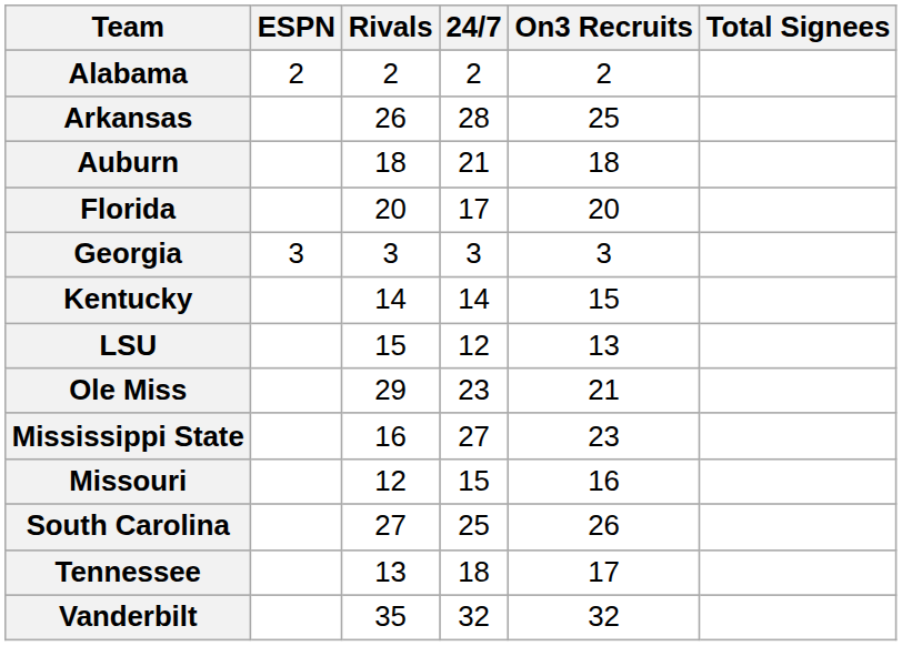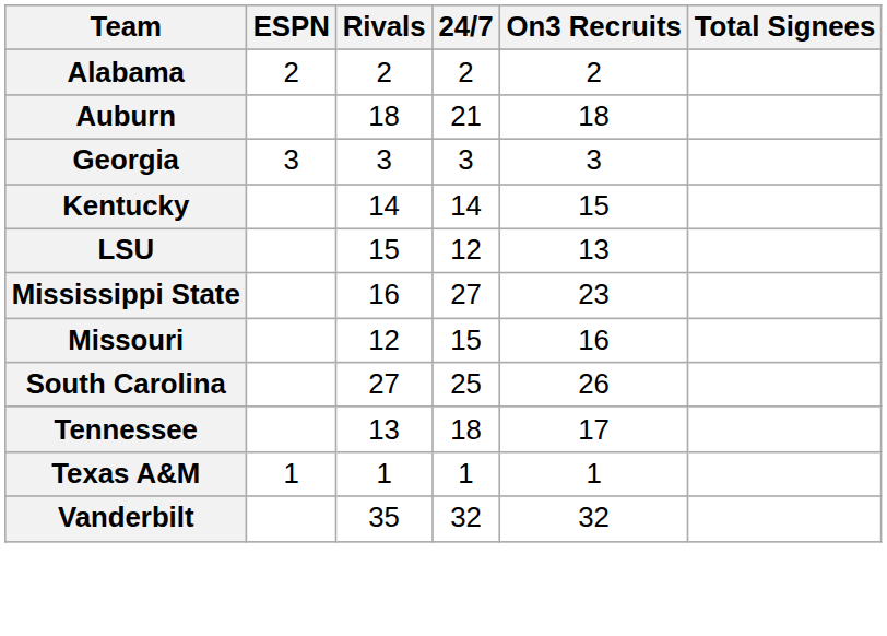 <table class="wikitable">
 <tr>
 <th>Team</th>
 <th>ESPN</th>
 <th>Rivals</th>
 <th>24/7</th>
 <th>On3 Recruits</th>
 <th>Total Signees</th>
 </tr>
 <tr>
 <th>Alabama</th>
 <td style="text-align:center; background:white">2</td>
 <td style="text-align:center; background:white">2</td>
 <td style="text-align:center; background:white">2</td>
 <td style="text-align:center; background:white">2</td>
 <td style="text-align:center; background:white"></td>
 </tr>
 <tr>
-<th>Arkansas</th>
-<td style="text-align:center; background:white"></td>
-<td style="text-align:center; background:white">26</td>
-<td style="text-align:center; background:white">28</td>
-<td style="text-align:center; background:white">25</td>
-<td style="text-align:center; background:white"></td>
-</tr>
-<tr>
 <th>Auburn</th>
 <td style="text-align:center; background:white"></td>
 <td style="text-align:center; background:white">18</td>
 <td style="text-align:center; background:white">21</td>
 <td style="text-align:center; background:white">18</td>
-<td style="text-align:center; background:white"></td>
-</tr>
-<tr>
-<th>Florida</th>
-<td style="text-align:center; background:white"></td>
-<td style="text-align:center; background:white">20</td>
-<td style="text-align:center; background:white">17</td>
-<td style="text-align:center; background:white">20</td>
 <td style="text-align:center; background:white"></td>
 </tr>
 <tr>
 <th>Georgia</th>
 <td style="text-align:center; background:white">3</td>
 <td style="text-align:center; background:white">3</td>
 <td style="text-align:center; background:white">3</td>
 <td style="text-align:center; background:white">3</td>
 <td style="text-align:center; background:white"></td>
 </tr>
 <tr>
 <th>Kentucky</th>
 <td style="text-align:center; background:white"></td>
 <td style="text-align:center; background:white">14</td>
 <td style="text-align:center; background:white">14</td>
 <td style="text-align:center; background:white">15</td>
 <td style="text-align:center; background:white"></td>
 </tr>
 <tr>
 <th>LSU</th>
 <td style="text-align:center; background:white"></td>
 <td style="text-align:center; background:white">15</td>
 <td style="text-align:center; background:white">12</td>
 <td style="text-align:center; background:white">13</td>
-<td style="text-align:center; background:white"></td>
-</tr>
-<tr>
-<th>Ole Miss</th>
-<td style="text-align:center; background:white"></td>
-<td style="text-align:center; background:white">29</td>
-<td style="text-align:center; background:white">23</td>
-<td style="text-align:center; background:white">21</td>
 <td style="text-align:center; background:white"></td>
 </tr>
 <tr>
 <th>Mississippi State</th>
 <td style="text-align:center; background:white"></td>
 <td style="text-align:center; background:white">16</td>
 <td style="text-align:center; background:white">27</td>
 <td style="text-align:center; background:white">23</td>
 <td style="text-align:center; background:white"></td>
 </tr>
 <tr>
 <th>Missouri</th>
 <td style="text-align:center; background:white"></td>
 <td style="text-align:center; background:white">12</td>
 <td style="text-align:center; background:white">15</td>
 <td style="text-align:center; background:white">16</td>
 <td style="text-align:center; background:white"></td>
 </tr>
 <tr>
 <th>South Carolina</th>
 <td style="text-align:center; background:white"></td>
 <td style="text-align:center; background:white">27</td>
 <td style="text-align:center; background:white">25</td>
 <td style="text-align:center; background:white">26</td>
 <td style="text-align:center; background:white"></td>
 </tr>
 <tr>
 <th>Tennessee</th>
 <td style="text-align:center; background:white"></td>
 <td style="text-align:center; background:white">13</td>
 <td style="text-align:center; background:white">18</td>
 <td style="text-align:center; background:white">17</td>
 <td style="text-align:center; background:white"></td>
 </tr>
 <tr>
+<th>Texas A&M</th>
+<td style="text-align:center; background:white">1</td>
+<td style="text-align:center; background:white">1</td>
+<td style="text-align:center; background:white">1</td>
+<td style="text-align:center; background:white">1</td>
+<td style="text-align:center; background:white"></td>
+</tr>
+<tr>
 <th>Vanderbilt</th>
 <td style="text-align:center; background:white"></td>
 <td style="text-align:center; background:white">35</td>
 <td style="text-align:center; background:white">32</td>
 <td style="text-align:center; background:white">32</td>
 <td style="text-align:center; background:white"></td>
 </tr>
 </table>
